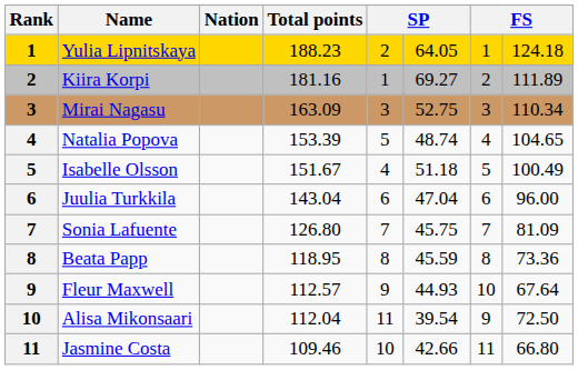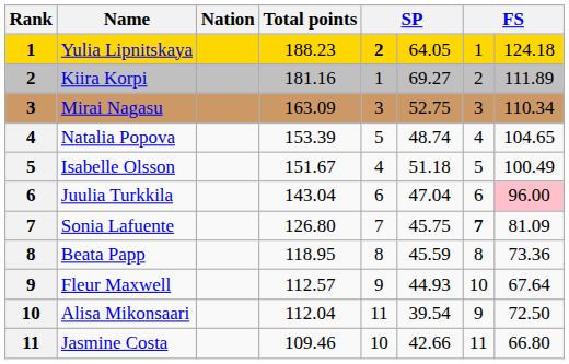 <table class="wikitable sortable">
 <tr>
 <th>Rank</th>
 <th>Name</th>
 <th>Nation</th>
 <th>Total points</th>
 <th colspan="2" width="80px"><a href='#'>SP</a></th>
 <th colspan="2" width="80px"><a href='#'>FS</a></th>
 </tr>
 <tr bgcolor="gold">
 <td align="center"><strong>1</strong></td>
 <td><a href='#'>Yulia Lipnitskaya</a></td>
 <td></td>
 <td align="center">188.23</td>
-<td align="center">2</td>
+<td align="center"><strong>2</strong></td>
 <td align="center">64.05</td>
 <td align="center">1</td>
 <td align="center">124.18</td>
 </tr>
 <tr bgcolor="silver">
 <td align="center"><strong>2</strong></td>
 <td><a href='#'>Kiira Korpi</a></td>
 <td></td>
 <td align="center">181.16</td>
 <td align="center">1</td>
 <td align="center">69.27</td>
 <td align="center">2</td>
 <td align="center">111.89</td>
 </tr>
 <tr bgcolor="cc9966">
 <td align="center"><strong>3</strong></td>
 <td><a href='#'>Mirai Nagasu</a></td>
 <td></td>
 <td align="center">163.09</td>
 <td align="center">3</td>
 <td align="center">52.75</td>
 <td align="center">3</td>
 <td align="center">110.34</td>
 </tr>
 <tr>
 <th>4</th>
 <td><a href='#'>Natalia Popova</a></td>
 <td></td>
 <td align="center">153.39</td>
 <td align="center">5</td>
 <td align="center">48.74</td>
 <td align="center">4</td>
 <td align="center">104.65</td>
 </tr>
 <tr>
 <th>5</th>
 <td><a href='#'>Isabelle Olsson</a></td>
 <td></td>
 <td align="center">151.67</td>
 <td align="center">4</td>
 <td align="center">51.18</td>
 <td align="center">5</td>
 <td align="center">100.49</td>
 </tr>
 <tr>
 <th>6</th>
 <td><a href='#'>Juulia Turkkila</a></td>
 <td></td>
 <td align="center">143.04</td>
 <td align="center">6</td>
 <td align="center">47.04</td>
 <td align="center">6</td>
-<td align="center">96.00</td>
+<td align="center" style="background: pink;">96.00</td>
 </tr>
 <tr>
 <th>7</th>
 <td><a href='#'>Sonia Lafuente</a></td>
 <td></td>
 <td align="center">126.80</td>
 <td align="center">7</td>
 <td align="center">45.75</td>
-<td align="center">7</td>
+<td align="center"><strong>7</strong></td>
 <td align="center">81.09</td>
 </tr>
 <tr>
 <th>8</th>
 <td><a href='#'>Beata Papp</a></td>
 <td></td>
 <td align="center">118.95</td>
 <td align="center">8</td>
 <td align="center">45.59</td>
 <td align="center">8</td>
 <td align="center">73.36</td>
 </tr>
 <tr>
 <th>9</th>
 <td><a href='#'>Fleur Maxwell</a></td>
 <td></td>
 <td align="center">112.57</td>
 <td align="center">9</td>
 <td align="center">44.93</td>
 <td align="center">10</td>
 <td align="center">67.64</td>
 </tr>
 <tr>
 <th>10</th>
 <td><a href='#'>Alisa Mikonsaari</a></td>
 <td></td>
 <td align="center">112.04</td>
 <td align="center">11</td>
 <td align="center">39.54</td>
 <td align="center">9</td>
 <td align="center">72.50</td>
 </tr>
 <tr>
 <th>11</th>
 <td><a href='#'>Jasmine Costa</a></td>
 <td></td>
 <td align="center">109.46</td>
 <td align="center">10</td>
 <td align="center">42.66</td>
 <td align="center">11</td>
 <td align="center">66.80</td>
 </tr>
 </table>
